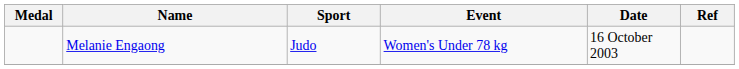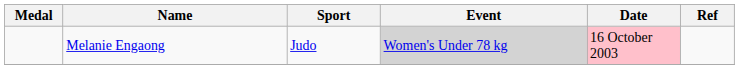 <table class="wikitable sortable" style="font-size:100%">
 <tr>
 <th width="60">Medal</th>
 <th width="250">Name</th>
 <th width="100">Sport</th>
 <th width="230">Event</th>
 <th width="100">Date</th>
 <th width="55">Ref</th>
 </tr>
 <tr>
 <td></td>
 <td><a href='#'>Melanie Engaong</a></td>
 <td><a href='#'>Judo</a></td>
-<td><a href='#'>Women's Under 78 kg</a></td>
-<td>16 October 2003</td>
+<td style="background: lightgrey;"><a href='#'>Women's Under 78 kg</a></td>
+<td style="background: pink;">16 October 2003</td>
 <td></td>
 </tr>
 <tr>
 </tr>
 </table>
